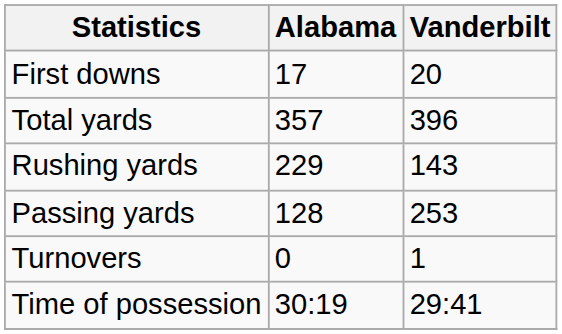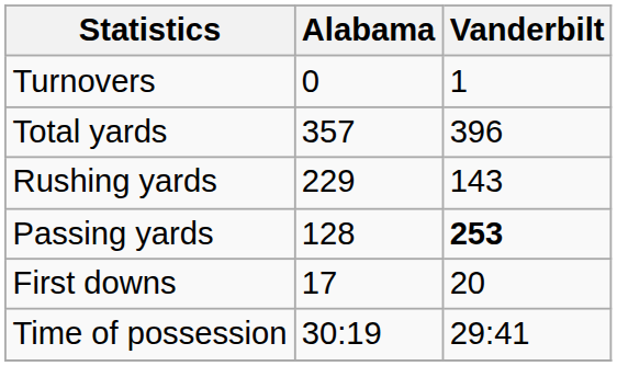 <table class="wikitable" style="float: left;">
 <tr>
 <th>Statistics</th>
 <th>Alabama</th>
 <th>Vanderbilt</th>
 </tr>
 <tr>
-<td>First downs</td>
-<td>17</td>
-<td>20</td>
+<td>Turnovers</td>
+<td>0</td>
+<td>1</td>
 </tr>
 <tr>
 <td>Total yards</td>
 <td>357</td>
 <td>396</td>
 </tr>
 <tr>
 <td>Rushing yards</td>
 <td>229</td>
 <td>143</td>
 </tr>
 <tr>
 <td>Passing yards</td>
 <td>128</td>
-<td>253</td>
+<td><strong>253</strong></td>
 </tr>
 <tr>
-<td>Turnovers</td>
-<td>0</td>
-<td>1</td>
+<td>First downs</td>
+<td>17</td>
+<td>20</td>
 </tr>
 <tr>
 <td>Time of possession</td>
 <td>30:19</td>
 <td>29:41</td>
 </tr>
 <tr>
 </tr>
 </table>
